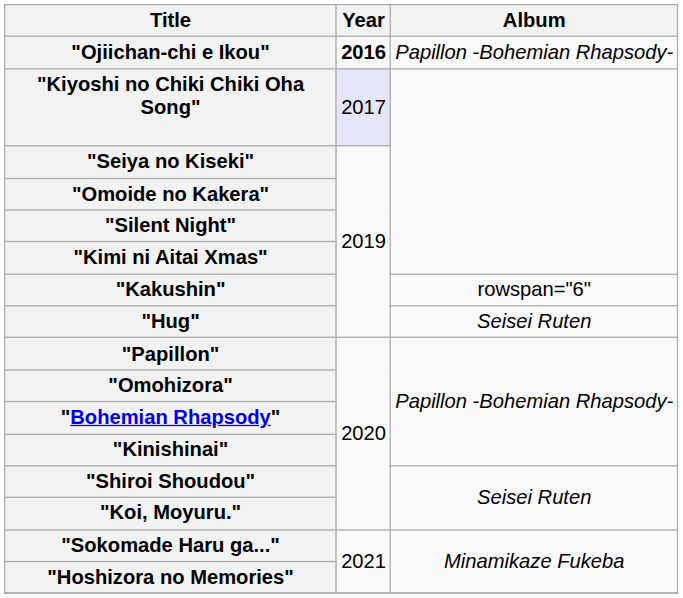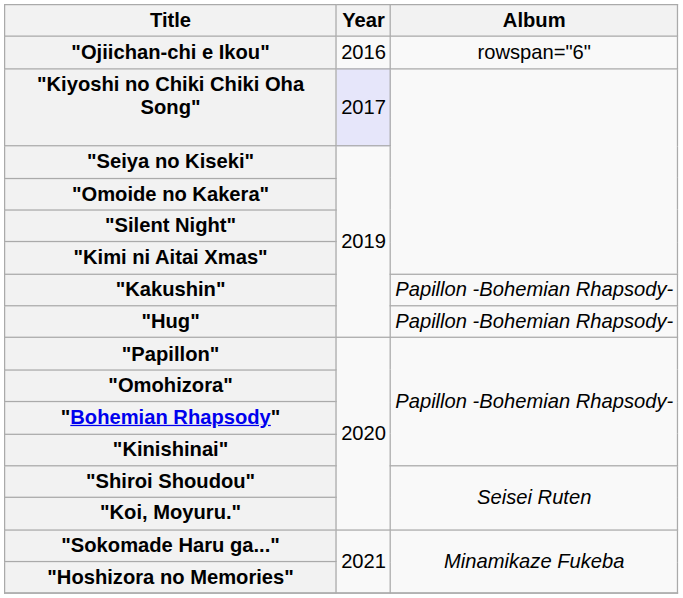 <table class="wikitable plainrowheaders" style="text-align:center;">
 <tr>
 <th rowspan="1" style="width:16em;">Title</th>
 <th rowspan="1">Year</th>
 <th rowspan="1">Album</th>
 </tr>
 <tr>
 <th scope="row">"Ojiichan-chi e Ikou"<br></th>
-<td><strong>2016</strong></td>
-<td><em>Papillon -Bohemian Rhapsody-</em></td>
+<td>2016</td>
+<td>rowspan="6" </td>
 </tr>
 <tr>
 <th scope="row">"Kiyoshi no Chiki Chiki Oha Song"<br><br></th>
 <td style="background: lavender;">2017</td>
 </tr>
 <tr>
 <th scope="row">"Seiya no Kiseki"<br></th>
 <td rowspan="6">2019</td>
 </tr>
 <tr>
 <th scope="row">"Omoide no Kakera"<br></th>
 </tr>
 <tr>
 <th scope="row">"Silent Night"</th>
 </tr>
 <tr>
 <th scope="row">"Kimi ni Aitai Xmas"<br></th>
 </tr>
 <tr>
 <th scope="row">"Kakushin"<br></th>
-<td>rowspan="6" </td>
+<td><em>Papillon -Bohemian Rhapsody-</em></td>
 </tr>
 <tr>
 <th scope="row">"Hug"</th>
-<td><em>Seisei Ruten</em></td>
+<td><em>Papillon -Bohemian Rhapsody-</em></td>
 </tr>
 <tr>
 <th scope="row">"Papillon"</th>
 <td rowspan="6">2020</td>
 <td rowspan="4"><em>Papillon -Bohemian Rhapsody-</em></td>
 </tr>
 <tr>
 <th scope="row">"Omohizora"</th>
 </tr>
 <tr>
 <th scope="row">"<a href='#'>Bohemian Rhapsody</a>"</th>
 </tr>
 <tr>
 <th scope="row">"Kinishinai"</th>
 </tr>
 <tr>
 <th scope="row">"Shiroi Shoudou"</th>
 <td rowspan="2"><em>Seisei Ruten</em></td>
 </tr>
 <tr>
 <th scope="row">"Koi, Moyuru."</th>
 </tr>
 <tr>
 <th scope="row">"Sokomade Haru ga..."</th>
 <td rowspan="2">2021</td>
 <td rowspan="2"><em>Minamikaze Fukeba</em></td>
 </tr>
 <tr>
 <th scope="row">"Hoshizora no Memories"</th>
 </tr>
 <tr>
 </tr>
 </table>
